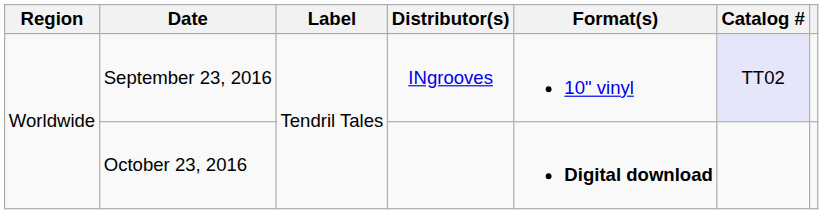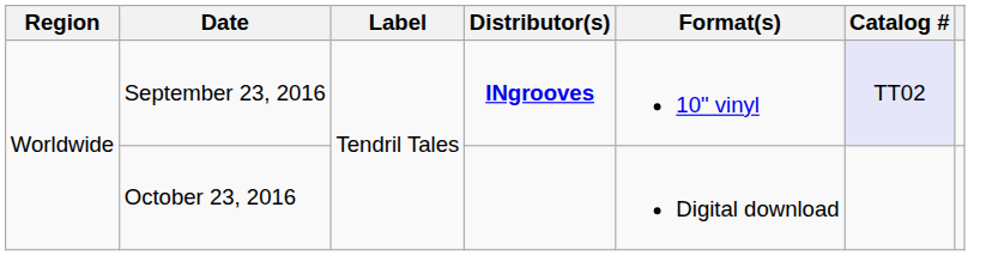 <table class="wikitable">
 <tr>
 <th>Region</th>
 <th>Date</th>
 <th>Label</th>
 <th>Distributor(s)</th>
 <th>Format(s)</th>
 <th>Catalog #</th>
 <th scope="col" class="unsortable"></th>
 </tr>
 <tr>
 <td rowspan="2">Worldwide</td>
 <td>September 23, 2016</td>
 <td rowspan="2" style="text-align:center;">Tendril Tales</td>
-<td style="text-align:center;"><a href='#'>INgrooves</a></td>
+<td style="text-align:center;"><strong><a href='#'>INgrooves</a></strong></td>
 <td><br><ul><li><a href='#'>10" vinyl</a></li></ul></td>
 <td style="background: lavender; text-align:center;">TT02</td>
 <td style="text-align:center;"></td>
 </tr>
 <tr>
 <td>October 23, 2016</td>
 <td></td>
-<td><strong><br><ul><li>Digital download</li></ul></strong></td>
+<td><br><ul><li>Digital download</li></ul></td>
 <td></td>
 <td style="text-align:center;"></td>
 </tr>
 </table>
